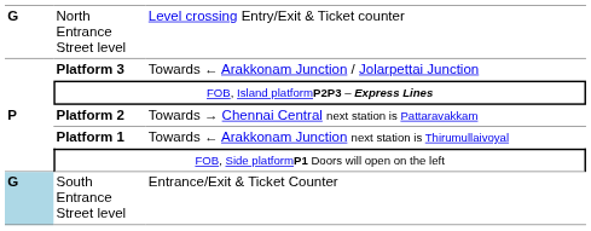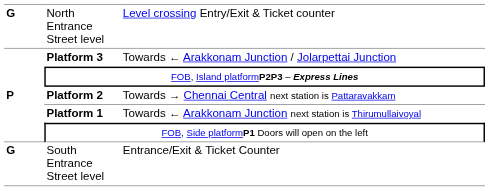 <table cellpadding="3" cellspacing="0" border="0">
 <tr>
 <td valign="top" width="50" style="border-top:solid 1px gray;border-bottom:solid 1px gray;"><strong>G</strong></td>
 <td valign="top" width="100" style="border-top:solid 1px gray;border-bottom:solid 1px gray;">North Entrance Street level</td>
 <td valign="top" width="390" style="border-top:solid 1px gray;border-bottom:solid 1px gray;"><a href='#'>Level crossing</a> Entry/Exit & Ticket counter</td>
 </tr>
 <tr>
 <td rowspan="6" style="border-bottom:solid 1px gray;" width="50" valign="center"><strong>P</strong></td>
 </tr>
 <tr>
 <td width="100" style="border-bottom:solid 1px white;"><span><strong>Platform 3</strong></span></td>
 <td width="500" style="border-bottom:solid 1px white;">Towards ← <a href='#'>Arakkonam Junction</a> / <a href='#'>Jolarpettai Junction</a></td>
 </tr>
 <tr>
 <td colspan="2" style="border-top:solid 2px black;border-right:solid 2px black;border-left:solid 2px black;border-bottom:solid 2px black;text-align:center;"><a href='#'><small>FOB</small></a><small>, <a href='#'>Island platform</a><strong>P2</strong><strong>P3</strong> – <strong><em>Express Lines</em></strong></small></td>
 </tr>
 <tr>
 <td width="100" style="border-bottom:solid 1px gray;"><span><strong>Platform 2</strong></span></td>
 <td style="border-bottom:solid 1px gray;" width="500">Towards → <a href='#'>Chennai Central</a> <small>next station is <a href='#'>Pattaravakkam</a></small></td>
 </tr>
 <tr>
 <td width="100" style="border-bottom:solid 1px white;"><span><strong>Platform 1</strong></span></td>
 <td style="border-bottom:solid 1px white;" width="500">Towards ← <a href='#'>Arakkonam Junction</a> <small>next station is <a href='#'>Thirumullaivoyal</a></small></td>
 </tr>
 <tr>
 <td colspan="2" width="100" style="border-top:solid 2px black;border-right:solid 2px black;border-left:solid 2px black;border-bottom:solid 1px gray;" align="center"><a href='#'><small>FOB</small></a><small>, <a href='#'>Side platform</a><strong>P1</strong> Doors will open on the left</small></td>
 </tr>
 <tr>
-<td style="background: lightblue; border-bottom:solid 1px gray;" width="50" valign="top"><strong>G</strong></td>
+<td style="border-bottom:solid 1px gray;" width="50" valign="top"><strong>G</strong></td>
 <td style="border-bottom:solid 1px gray;" width="50" valign="top">South Entrance Street level</td>
 <td style="border-bottom:solid 1px gray;" width="50" valign="top">Entrance/Exit & Ticket Counter</td>
 </tr>
 <tr>
 </tr>
 </table>
